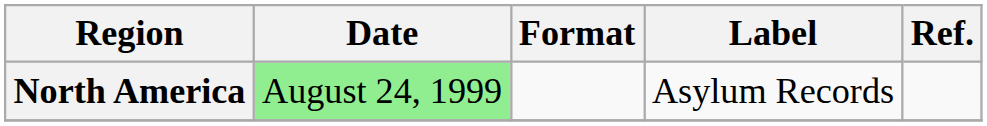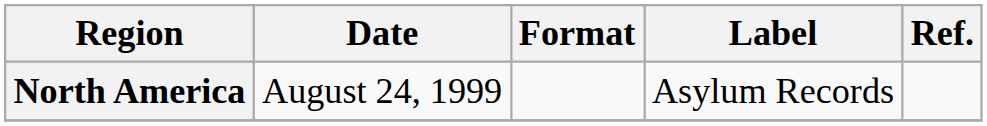 <table class="wikitable plainrowheaders">
 <tr>
 <th scope="col">Region</th>
 <th scope="col">Date</th>
 <th scope="col">Format</th>
 <th scope="col">Label</th>
 <th scope="col">Ref.</th>
 </tr>
 <tr>
 <th scope="row">North America</th>
-<td style="background: lightgreen;">August 24, 1999</td>
+<td>August 24, 1999</td>
 <td></td>
 <td>Asylum Records</td>
 <td></td>
 </tr>
 <tr>
 </tr>
 </table>
